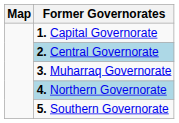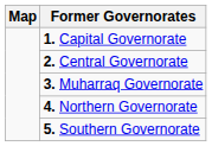 <table class="wikitable">
 <tr>
 <th>Map</th>
 <th>Former Governorates</th>
 </tr>
 <tr>
 <td rowspan="5"></td>
 <td><strong>1.</strong> <a href='#'>Capital Governorate</a></td>
 </tr>
 <tr>
-<td style="background: lightblue;"><strong>2.</strong> <a href='#'>Central Governorate</a></td>
+<td><strong>2.</strong> <a href='#'>Central Governorate</a></td>
 </tr>
 <tr>
 <td><strong>3.</strong> <a href='#'>Muharraq Governorate</a></td>
 </tr>
 <tr>
-<td style="background: lightblue;"><strong>4.</strong> <a href='#'>Northern Governorate</a></td>
+<td><strong>4.</strong> <a href='#'>Northern Governorate</a></td>
 </tr>
 <tr>
 <td><strong>5.</strong> <a href='#'>Southern Governorate</a></td>
 </tr>
 </table>
